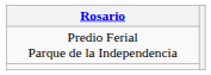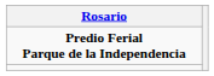 <table class="wikitable" style="text-align:center;margin:1em auto;">
 <tr>
 <th width=220><a href='#'>Rosario</a></th>
 <th rowspan=5 colspan=2></th>
 </tr>
 <tr>
-<td>Predio Ferial <br>Parque de la Independencia</td>
+<td><strong>Predio Ferial <br>Parque de la Independencia</strong></td>
 </tr>
 <tr>
 <td><small></small></td>
 </tr>
 </table>
